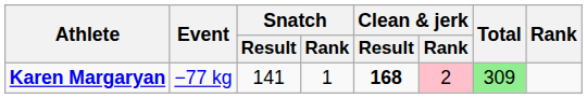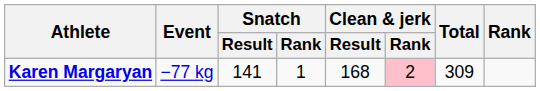 <table class="wikitable" style="font-size:90%">
 <tr>
 <th rowspan="2">Athlete</th>
 <th rowspan="2">Event</th>
 <th colspan="2">Snatch</th>
 <th colspan="2">Clean & jerk</th>
 <th rowspan="2">Total</th>
 <th rowspan="2">Rank</th>
 </tr>
 <tr style="font-size:95%">
 <th>Result</th>
 <th>Rank</th>
 <th>Result</th>
 <th>Rank</th>
 </tr>
 <tr align=center>
 <td align=left><strong><a href='#'>Karen Margaryan</a></strong></td>
 <td align=left><a href='#'>−77 kg</a></td>
 <td>141</td>
 <td>1</td>
-<td><strong>168</strong></td>
+<td>168</td>
 <td style="background: pink;">2</td>
-<td style="background: lightgreen;">309</td>
+<td>309</td>
 <td></td>
 </tr>
 </table>
